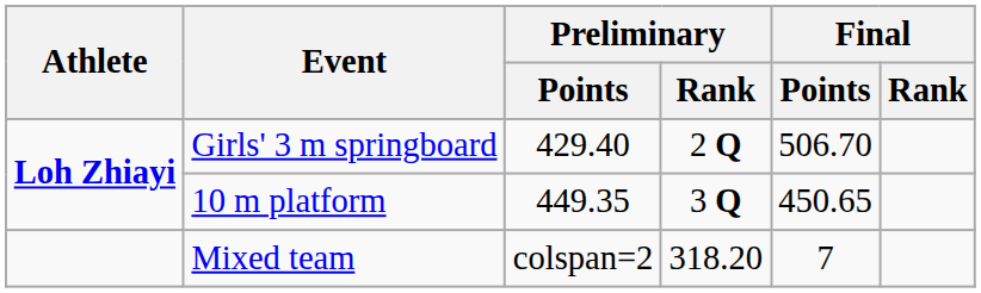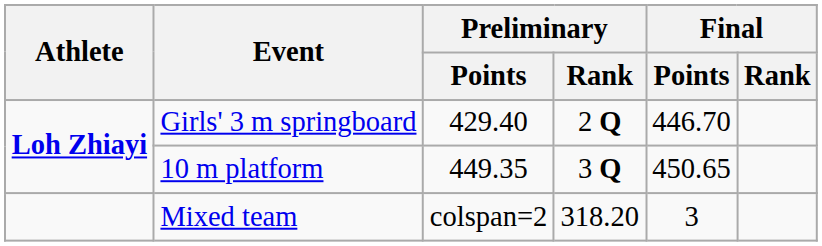 <table class="wikitable" style="font-size:90%;">
 <tr>
 <th rowspan=2>Athlete</th>
 <th rowspan=2>Event</th>
 <th colspan=2>Preliminary</th>
 <th colspan=2>Final</th>
 </tr>
 <tr>
 <th>Points</th>
 <th>Rank</th>
 <th>Points</th>
 <th>Rank</th>
 </tr>
 <tr align=center>
 <td align=left rowspan=2><strong><a href='#'>Loh Zhiayi</a></strong></td>
 <td align=left><a href='#'>Girls' 3 m springboard</a></td>
 <td>429.40</td>
 <td>2 <strong>Q</strong></td>
-<td>506.70</td>
+<td>446.70</td>
 <td></td>
 </tr>
 <tr align=center>
 <td align=left><a href='#'>10 m platform</a></td>
 <td>449.35</td>
 <td>3 <strong>Q</strong></td>
 <td>450.65</td>
 <td></td>
 </tr>
 <tr align=center>
 <td align=left><br></td>
 <td align=left><a href='#'>Mixed team</a></td>
 <td>colspan=2 </td>
 <td>318.20</td>
-<td>7</td>
+<td>3</td>
 </tr>
 </table>
